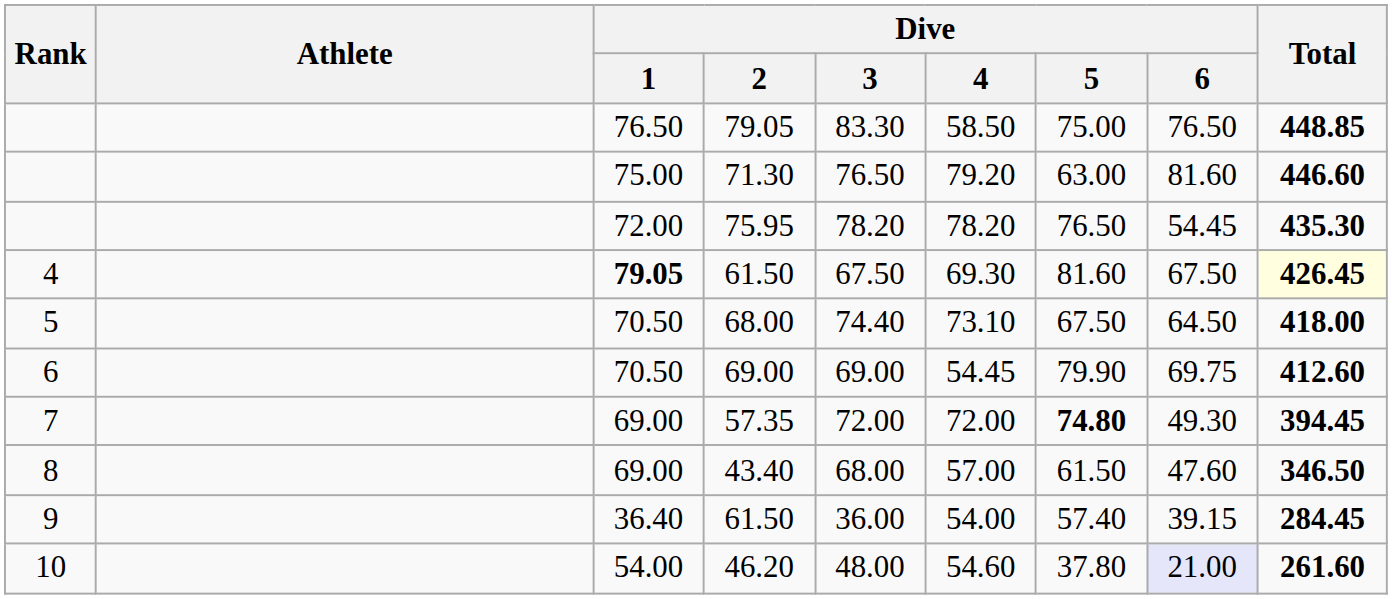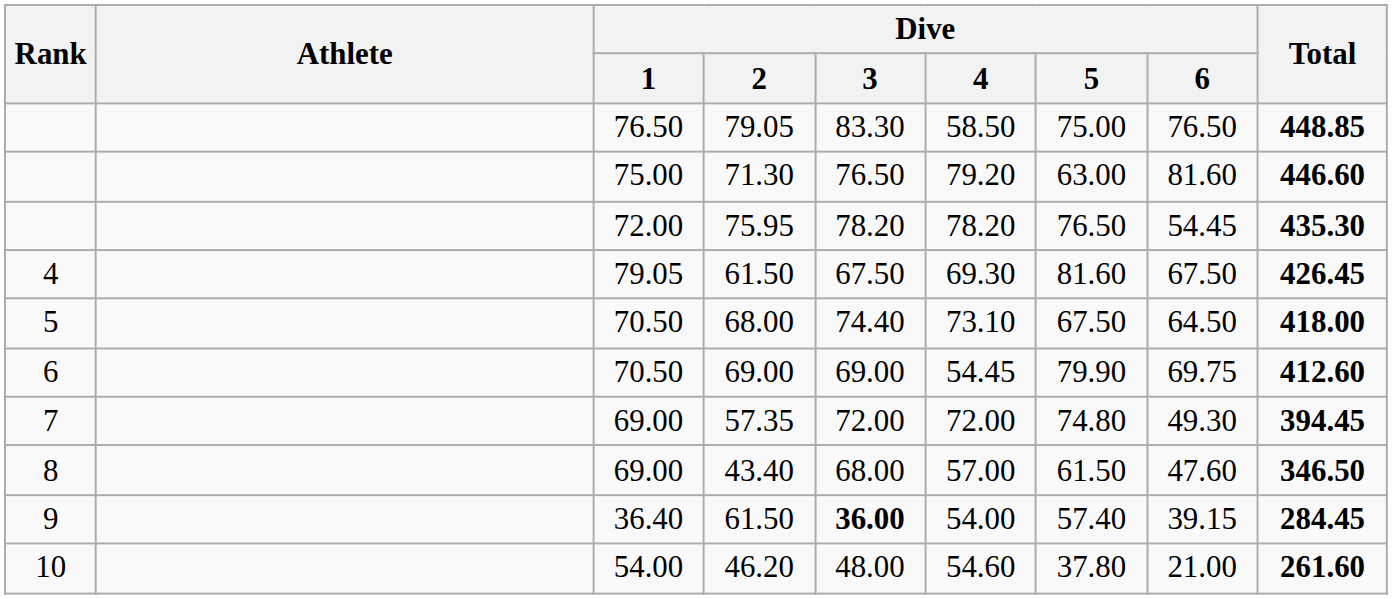 <table class=wikitable style="text-align:center">
 <tr>
 <th rowspan="2" width=40>Rank</th>
 <th rowspan="2" width=250>Athlete</th>
 <th colspan="6">Dive</th>
 <th rowspan="2" width=60>Total</th>
 </tr>
 <tr>
 <th width=50>1</th>
 <th width=50>2</th>
 <th width=50>3</th>
 <th width=50>4</th>
 <th width=50>5</th>
 <th width=50>6</th>
 </tr>
 <tr>
 <td></td>
 <td align=left></td>
 <td>76.50</td>
 <td>79.05</td>
 <td>83.30</td>
 <td>58.50</td>
 <td>75.00</td>
 <td>76.50</td>
 <td><strong>448.85</strong></td>
 </tr>
 <tr>
 <td></td>
 <td align=left></td>
 <td>75.00</td>
 <td>71.30</td>
 <td>76.50</td>
 <td>79.20</td>
 <td>63.00</td>
 <td>81.60</td>
 <td><strong>446.60</strong></td>
 </tr>
 <tr>
 <td></td>
 <td align=left></td>
 <td>72.00</td>
 <td>75.95</td>
 <td>78.20</td>
 <td>78.20</td>
 <td>76.50</td>
 <td>54.45</td>
 <td><strong>435.30</strong></td>
 </tr>
 <tr>
 <td>4</td>
 <td align=left></td>
-<td><strong>79.05</strong></td>
+<td>79.05</td>
 <td>61.50</td>
 <td>67.50</td>
 <td>69.30</td>
 <td>81.60</td>
 <td>67.50</td>
-<td style="background: lightyellow;"><strong>426.45</strong></td>
+<td><strong>426.45</strong></td>
 </tr>
 <tr>
 <td>5</td>
 <td align=left></td>
 <td>70.50</td>
 <td>68.00</td>
 <td>74.40</td>
 <td>73.10</td>
 <td>67.50</td>
 <td>64.50</td>
 <td><strong>418.00</strong></td>
 </tr>
 <tr>
 <td>6</td>
 <td align=left></td>
 <td>70.50</td>
 <td>69.00</td>
 <td>69.00</td>
 <td>54.45</td>
 <td>79.90</td>
 <td>69.75</td>
 <td><strong>412.60</strong></td>
 </tr>
 <tr>
 <td>7</td>
 <td align=left></td>
 <td>69.00</td>
 <td>57.35</td>
 <td>72.00</td>
 <td>72.00</td>
-<td><strong>74.80</strong></td>
+<td>74.80</td>
 <td>49.30</td>
 <td><strong>394.45</strong></td>
 </tr>
 <tr>
 <td>8</td>
 <td align=left></td>
 <td>69.00</td>
 <td>43.40</td>
 <td>68.00</td>
 <td>57.00</td>
 <td>61.50</td>
 <td>47.60</td>
 <td><strong>346.50</strong></td>
 </tr>
 <tr>
 <td>9</td>
 <td align=left></td>
 <td>36.40</td>
 <td>61.50</td>
-<td>36.00</td>
+<td><strong>36.00</strong></td>
 <td>54.00</td>
 <td>57.40</td>
 <td>39.15</td>
 <td><strong>284.45</strong></td>
 </tr>
 <tr>
 <td>10</td>
 <td align=left></td>
 <td>54.00</td>
 <td>46.20</td>
 <td>48.00</td>
 <td>54.60</td>
 <td>37.80</td>
-<td style="background: lavender;">21.00</td>
+<td>21.00</td>
 <td><strong>261.60</strong></td>
 </tr>
 </table>
